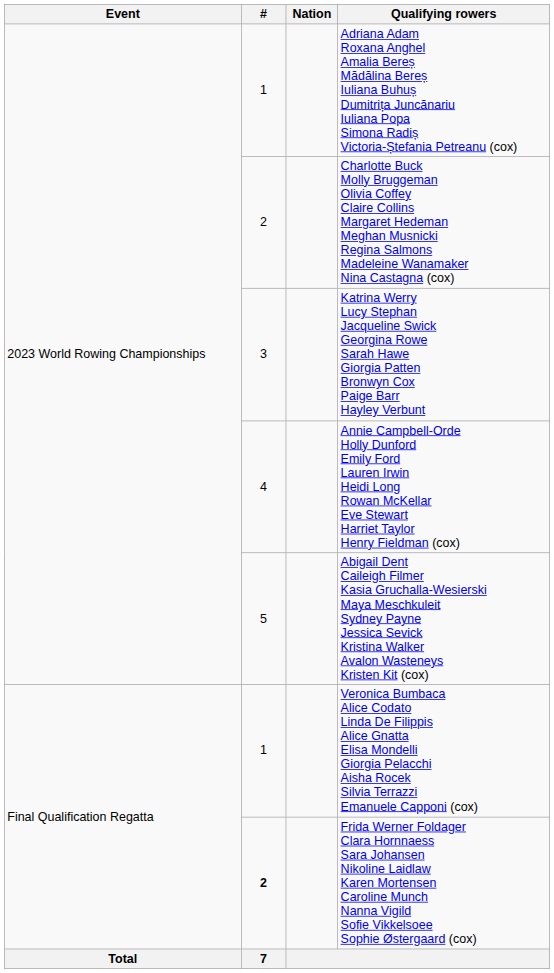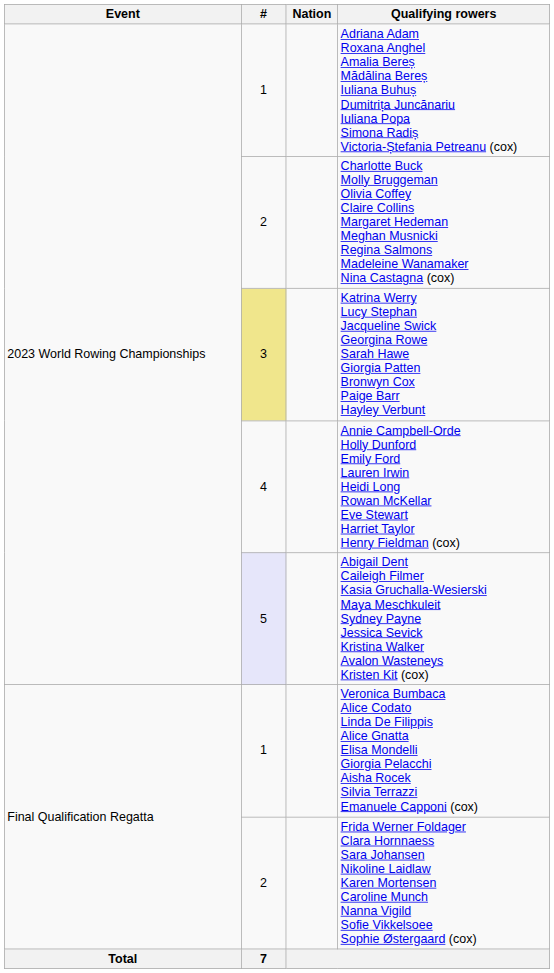 <table class="wikitable"  style="width:700px; text-align:center;">
 <tr>
 <th>Event</th>
 <th width=50>#</th>
 <th>Nation</th>
 <th>Qualifying rowers</th>
 </tr>
 <tr>
 <td rowspan=5 align=left>2023 World Rowing Championships</td>
 <td>1</td>
 <td align=left></td>
 <td align=left><a href='#'>Adriana Adam</a><br><a href='#'>Roxana Anghel</a><br><a href='#'>Amalia Bereș</a><br><a href='#'>Mădălina Bereș</a><br><a href='#'>Iuliana Buhuș</a><br><a href='#'>Dumitrița Juncănariu</a><br><a href='#'>Iuliana Popa</a><br><a href='#'>Simona Radiș</a><br><a href='#'>Victoria-Ștefania Petreanu</a> (cox)</td>
 </tr>
 <tr>
 <td>2</td>
 <td align=left></td>
 <td align=left><a href='#'>Charlotte Buck</a><br><a href='#'>Molly Bruggeman</a><br><a href='#'>Olivia Coffey</a><br><a href='#'>Claire Collins</a><br><a href='#'>Margaret Hedeman</a><br><a href='#'>Meghan Musnicki</a><br><a href='#'>Regina Salmons</a><br><a href='#'>Madeleine Wanamaker</a><br><a href='#'>Nina Castagna</a> (cox)</td>
 </tr>
 <tr>
-<td>3</td>
+<td style="background: khaki;">3</td>
 <td align=left></td>
 <td align=left><a href='#'>Katrina Werry</a><br><a href='#'>Lucy Stephan</a><br><a href='#'>Jacqueline Swick</a><br><a href='#'>Georgina Rowe</a><br><a href='#'>Sarah Hawe</a><br><a href='#'>Giorgia Patten</a><br><a href='#'>Bronwyn Cox</a><br><a href='#'>Paige Barr</a><br><a href='#'>Hayley Verbunt</a></td>
 </tr>
 <tr>
 <td>4</td>
 <td align=left></td>
 <td align=left><a href='#'>Annie Campbell-Orde</a><br><a href='#'>Holly Dunford</a><br><a href='#'>Emily Ford</a><br><a href='#'>Lauren Irwin</a><br><a href='#'>Heidi Long</a><br><a href='#'>Rowan McKellar</a><br><a href='#'>Eve Stewart</a><br><a href='#'>Harriet Taylor</a><br><a href='#'>Henry Fieldman</a> (cox)</td>
 </tr>
 <tr>
-<td>5</td>
+<td style="background: lavender;">5</td>
 <td align=left></td>
 <td align=left><a href='#'>Abigail Dent</a><br><a href='#'>Caileigh Filmer</a><br><a href='#'>Kasia Gruchalla-Wesierski</a><br><a href='#'>Maya Meschkuleit</a><br><a href='#'>Sydney Payne</a><br><a href='#'>Jessica Sevick</a><br><a href='#'>Kristina Walker</a><br><a href='#'>Avalon Wasteneys</a><br><a href='#'>Kristen Kit</a> (cox)</td>
 </tr>
 <tr>
 <td rowspan=2 align=left>Final Qualification Regatta</td>
 <td>1</td>
 <td align=left></td>
 <td align=left><a href='#'>Veronica Bumbaca</a><br><a href='#'>Alice Codato</a><br><a href='#'>Linda De Filippis</a><br><a href='#'>Alice Gnatta</a><br><a href='#'>Elisa Mondelli</a><br><a href='#'>Giorgia Pelacchi</a><br><a href='#'>Aisha Rocek</a><br><a href='#'>Silvia Terrazzi</a><br><a href='#'>Emanuele Capponi</a> (cox)</td>
 </tr>
 <tr>
-<td><strong>2</strong></td>
+<td>2</td>
 <td align=left></td>
 <td align=left><a href='#'>Frida Werner Foldager</a><br><a href='#'>Clara Hornnaess</a><br><a href='#'>Sara Johansen</a><br><a href='#'>Nikoline Laidlaw</a><br><a href='#'>Karen Mortensen</a><br><a href='#'>Caroline Munch</a><br><a href='#'>Nanna Vigild</a><br><a href='#'>Sofie Vikkelsoee</a><br><a href='#'>Sophie Østergaard</a> (cox)</td>
 </tr>
 <tr>
 <th>Total</th>
 <th>7</th>
 <th colspan=2></th>
 </tr>
 </table>
